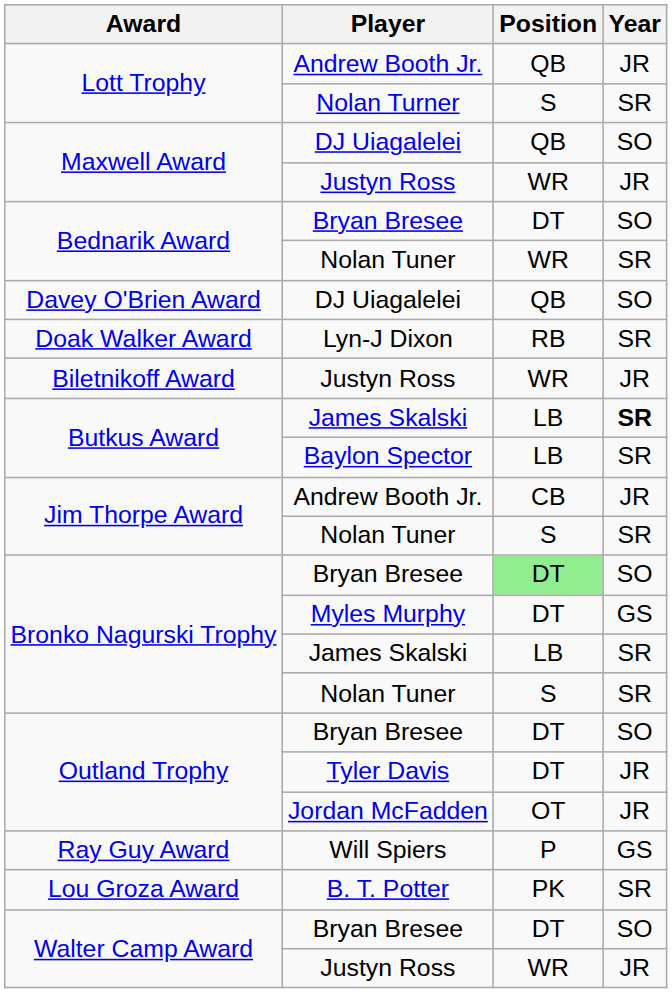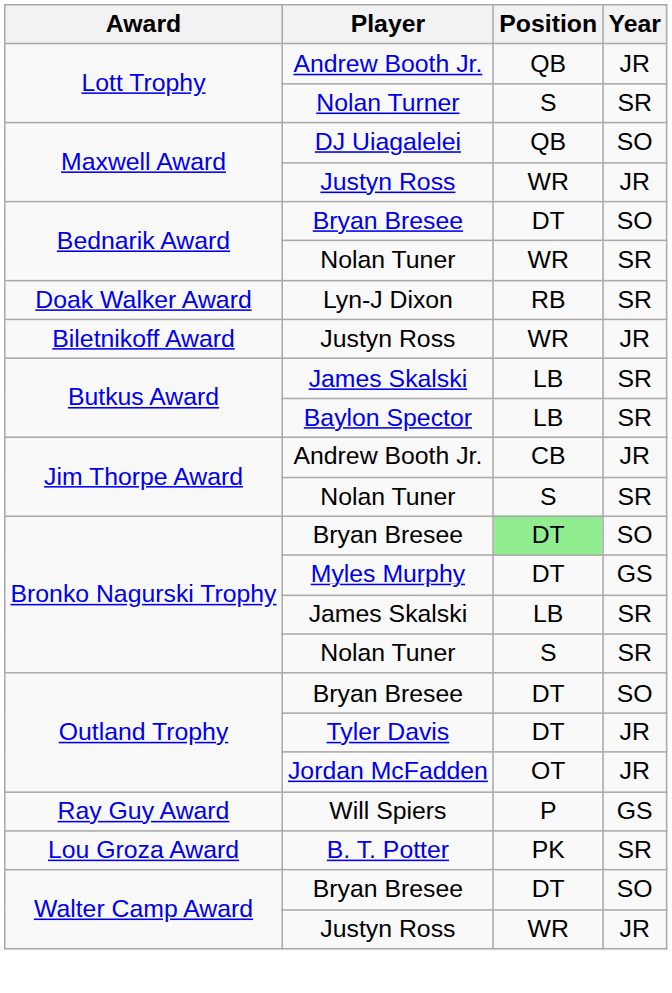 <table class="wikitable" style="text-align:center;">
 <tr>
 <th>Award</th>
 <th>Player</th>
 <th>Position</th>
 <th>Year</th>
 </tr>
 <tr>
 <td rowspan=2><a href='#'>Lott Trophy</a></td>
 <td><a href='#'>Andrew Booth Jr.</a></td>
 <td>QB</td>
 <td>JR</td>
 </tr>
 <tr>
 <td><a href='#'>Nolan Turner</a></td>
 <td>S</td>
 <td>SR</td>
 </tr>
 <tr>
 <td rowspan=2><a href='#'>Maxwell Award</a></td>
 <td><a href='#'>DJ Uiagalelei</a></td>
 <td>QB</td>
 <td>SO</td>
 </tr>
 <tr>
 <td><a href='#'>Justyn Ross</a></td>
 <td>WR</td>
 <td>JR</td>
 </tr>
 <tr>
 <td rowspan=2><a href='#'>Bednarik Award</a></td>
 <td><a href='#'>Bryan Bresee</a></td>
 <td>DT</td>
 <td>SO</td>
 </tr>
 <tr>
 <td>Nolan Tuner</td>
 <td>WR</td>
 <td>SR</td>
 </tr>
 <tr>
-<td><a href='#'>Davey O'Brien Award</a></td>
-<td>DJ Uiagalelei</td>
-<td>QB</td>
-<td>SO</td>
-</tr>
-<tr>
 <td><a href='#'>Doak Walker Award</a></td>
 <td>Lyn-J Dixon</td>
 <td>RB</td>
 <td>SR</td>
 </tr>
 <tr>
 <td><a href='#'>Biletnikoff Award</a></td>
 <td>Justyn Ross</td>
 <td>WR</td>
 <td>JR</td>
 </tr>
 <tr>
 <td rowspan=2><a href='#'>Butkus Award</a></td>
 <td><a href='#'>James Skalski</a></td>
 <td>LB</td>
-<td><strong>SR</strong></td>
+<td>SR</td>
 </tr>
 <tr>
 <td><a href='#'>Baylon Spector</a></td>
 <td>LB</td>
 <td>SR</td>
 </tr>
 <tr>
 <td rowspan=2><a href='#'>Jim Thorpe Award</a></td>
 <td>Andrew Booth Jr.</td>
 <td>CB</td>
 <td>JR</td>
 </tr>
 <tr>
 <td>Nolan Tuner</td>
 <td>S</td>
 <td>SR</td>
 </tr>
 <tr>
 <td rowspan=4><a href='#'>Bronko Nagurski Trophy</a></td>
 <td>Bryan Bresee</td>
 <td style="background: lightgreen;">DT</td>
 <td>SO</td>
 </tr>
 <tr>
 <td><a href='#'>Myles Murphy</a></td>
 <td>DT</td>
 <td>GS</td>
 </tr>
 <tr>
 <td>James Skalski</td>
 <td>LB</td>
 <td>SR</td>
 </tr>
 <tr>
 <td>Nolan Tuner</td>
 <td>S</td>
 <td>SR</td>
 </tr>
 <tr>
 <td rowspan=3><a href='#'>Outland Trophy</a></td>
 <td>Bryan Bresee</td>
 <td>DT</td>
 <td>SO</td>
 </tr>
 <tr>
 <td><a href='#'>Tyler Davis</a></td>
 <td>DT</td>
 <td>JR</td>
 </tr>
 <tr>
 <td><a href='#'>Jordan McFadden</a></td>
 <td>OT</td>
 <td>JR</td>
 </tr>
 <tr>
 <td><a href='#'>Ray Guy Award</a></td>
 <td>Will Spiers</td>
 <td>P</td>
 <td>GS</td>
 </tr>
 <tr>
 <td><a href='#'>Lou Groza Award</a></td>
 <td><a href='#'>B. T. Potter</a></td>
 <td>PK</td>
 <td>SR</td>
 </tr>
 <tr>
 <td rowspan=2><a href='#'>Walter Camp Award</a></td>
 <td>Bryan Bresee</td>
 <td>DT</td>
 <td>SO</td>
 </tr>
 <tr>
 <td>Justyn Ross</td>
 <td>WR</td>
 <td>JR</td>
 </tr>
 </table>
